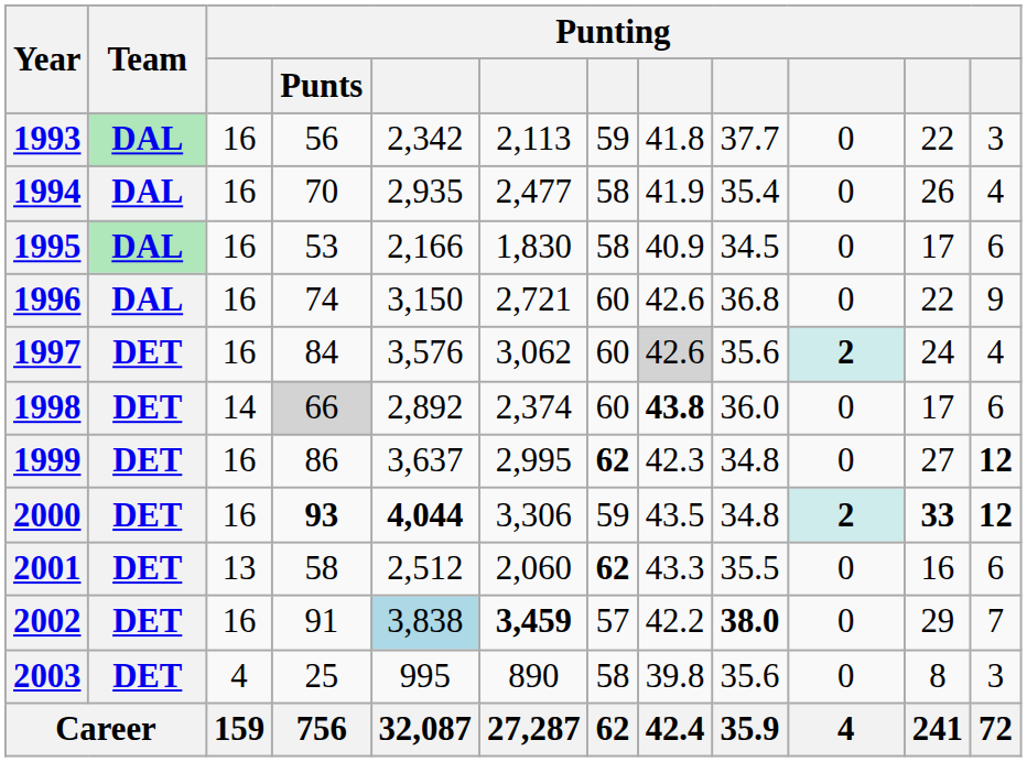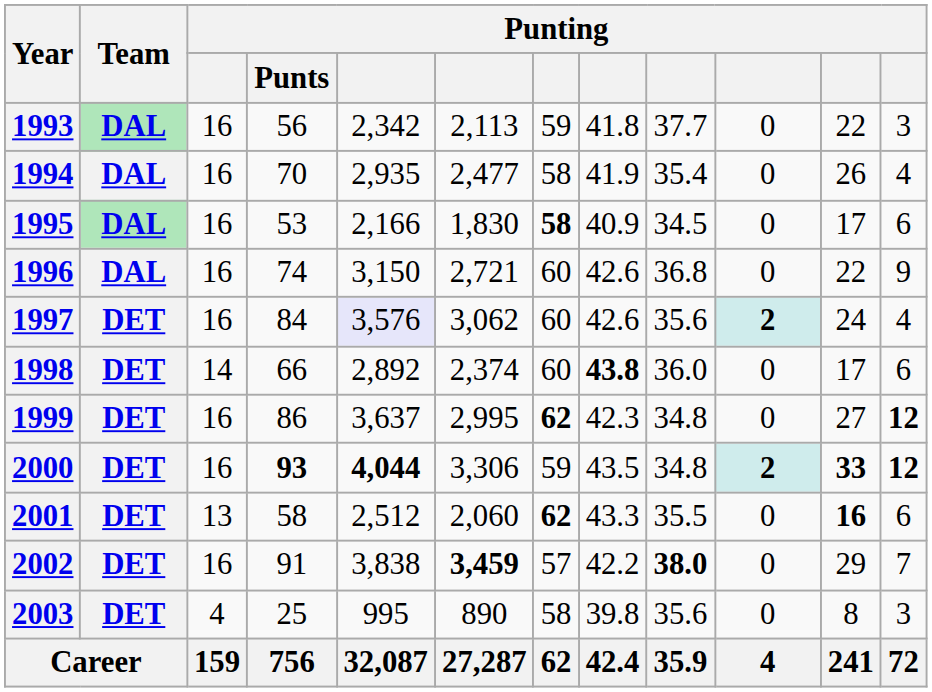 <table class=wikitable style="text-align:center;">
 <tr>
 <th rowspan="2">Year</th>
 <th rowspan="2">Team</th>
 <th colspan="10">Punting</th>
 </tr>
 <tr>
 <th></th>
 <th>Punts</th>
 <th></th>
 <th></th>
 <th></th>
 <th></th>
 <th></th>
 <th></th>
 <th></th>
 <th></th>
 </tr>
 <tr>
 <th><a href='#'>1993</a></th>
 <th style="background:#afe6ba; width:3em;"><a href='#'>DAL</a></th>
 <td>16</td>
 <td>56</td>
 <td>2,342</td>
 <td>2,113</td>
 <td>59</td>
 <td>41.8</td>
 <td>37.7</td>
 <td>0</td>
 <td>22</td>
 <td>3</td>
 </tr>
 <tr>
 <th><a href='#'>1994</a></th>
 <th><a href='#'>DAL</a></th>
 <td>16</td>
 <td>70</td>
 <td>2,935</td>
 <td>2,477</td>
 <td>58</td>
 <td>41.9</td>
 <td>35.4</td>
 <td>0</td>
 <td>26</td>
 <td>4</td>
 </tr>
 <tr>
 <th><a href='#'>1995</a></th>
 <th style="background:#afe6ba; width:3em;"><a href='#'>DAL</a></th>
 <td>16</td>
 <td>53</td>
 <td>2,166</td>
 <td>1,830</td>
-<td>58</td>
+<td><strong>58</strong></td>
 <td>40.9</td>
 <td>34.5</td>
 <td>0</td>
 <td>17</td>
 <td>6</td>
 </tr>
 <tr>
 <th><a href='#'>1996</a></th>
 <th><a href='#'>DAL</a></th>
 <td>16</td>
 <td>74</td>
 <td>3,150</td>
 <td>2,721</td>
 <td>60</td>
 <td>42.6</td>
 <td>36.8</td>
 <td>0</td>
 <td>22</td>
 <td>9</td>
 </tr>
 <tr>
 <th><a href='#'>1997</a></th>
 <th><a href='#'>DET</a></th>
 <td>16</td>
 <td>84</td>
-<td>3,576</td>
+<td style="background: lavender;">3,576</td>
 <td>3,062</td>
 <td>60</td>
-<td style="background: lightgrey;">42.6</td>
+<td>42.6</td>
 <td>35.6</td>
 <td style="background:#cfecec; width:3em;"><strong>2</strong></td>
 <td>24</td>
 <td>4</td>
 </tr>
 <tr>
 <th><a href='#'>1998</a></th>
 <th><a href='#'>DET</a></th>
 <td>14</td>
-<td style="background: lightgrey;">66</td>
+<td>66</td>
 <td>2,892</td>
 <td>2,374</td>
 <td>60</td>
 <td><strong>43.8</strong></td>
 <td>36.0</td>
 <td>0</td>
 <td>17</td>
 <td>6</td>
 </tr>
 <tr>
 <th><a href='#'>1999</a></th>
 <th><a href='#'>DET</a></th>
 <td>16</td>
 <td>86</td>
 <td>3,637</td>
 <td>2,995</td>
 <td><strong>62</strong></td>
 <td>42.3</td>
 <td>34.8</td>
 <td>0</td>
 <td>27</td>
 <td><strong>12</strong></td>
 </tr>
 <tr>
 <th><a href='#'>2000</a></th>
 <th><a href='#'>DET</a></th>
 <td>16</td>
 <td><strong>93</strong></td>
 <td><strong>4,044</strong></td>
 <td>3,306</td>
 <td>59</td>
 <td>43.5</td>
 <td>34.8</td>
 <td style="background:#cfecec; width:3em;"><strong>2</strong></td>
 <td><strong>33</strong></td>
 <td><strong>12</strong></td>
 </tr>
 <tr>
 <th><a href='#'>2001</a></th>
 <th><a href='#'>DET</a></th>
 <td>13</td>
 <td>58</td>
 <td>2,512</td>
 <td>2,060</td>
 <td><strong>62</strong></td>
 <td>43.3</td>
 <td>35.5</td>
 <td>0</td>
-<td>16</td>
+<td><strong>16</strong></td>
 <td>6</td>
 </tr>
 <tr>
 <th><a href='#'>2002</a></th>
 <th><a href='#'>DET</a></th>
 <td>16</td>
 <td>91</td>
-<td style="background: lightblue;">3,838</td>
+<td>3,838</td>
 <td><strong>3,459</strong></td>
 <td>57</td>
 <td>42.2</td>
 <td><strong>38.0</strong></td>
 <td>0</td>
 <td>29</td>
 <td>7</td>
 </tr>
 <tr>
 <th><a href='#'>2003</a></th>
 <th><a href='#'>DET</a></th>
 <td>4</td>
 <td>25</td>
 <td>995</td>
 <td>890</td>
 <td>58</td>
 <td>39.8</td>
 <td>35.6</td>
 <td>0</td>
 <td>8</td>
 <td>3</td>
 </tr>
 <tr>
 <th colspan="2">Career</th>
 <th>159</th>
 <th>756</th>
 <th>32,087</th>
 <th>27,287</th>
 <th>62</th>
 <th>42.4</th>
 <th>35.9</th>
 <th>4</th>
 <th>241</th>
 <th>72</th>
 </tr>
 </table>
